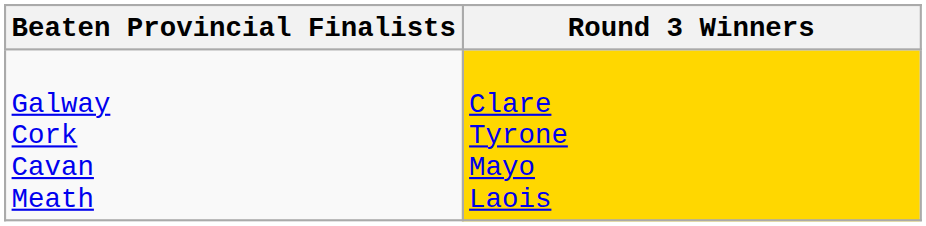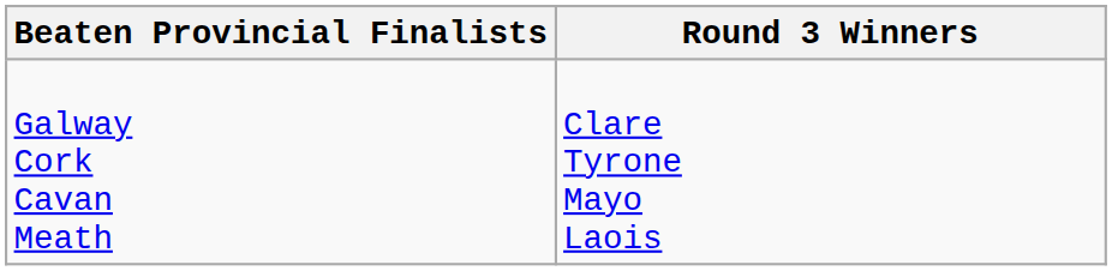 <table class="wikitable" style="font-size:100%">
 <tr>
 <th width="50%">Beaten Provincial Finalists</th>
 <th width="50%">Round 3 Winners</th>
 </tr>
 <tr>
 <td valign="top"><br> <a href='#'>Galway</a><br> <a href='#'>Cork</a><br> <a href='#'>Cavan</a><br> <a href='#'>Meath</a></td>
-<td valign="top" style="background: gold;"><br> <a href='#'>Clare</a><br> <a href='#'>Tyrone</a><br> <a href='#'>Mayo</a><br> <a href='#'>Laois</a></td>
+<td valign="top"><br> <a href='#'>Clare</a><br> <a href='#'>Tyrone</a><br> <a href='#'>Mayo</a><br> <a href='#'>Laois</a></td>
 </tr>
 </table>
